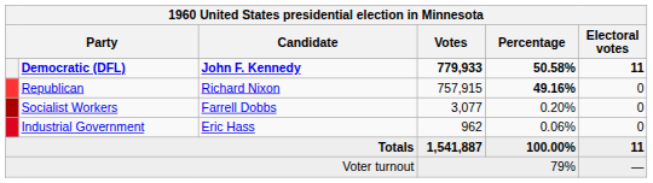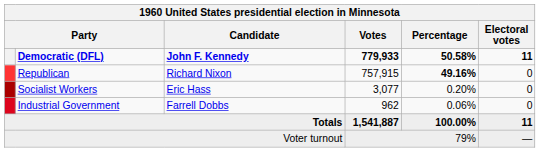 <table class="wikitable" style="font-size: 95%;">
 <tr>
 <th colspan="6">1960 United States presidential election in Minnesota</th>
 </tr>
 <tr>
 <th colspan="2" style="width: 15em">Party</th>
 <th style="width: 17em">Candidate</th>
 <th style="width: 5em">Votes</th>
 <th style="width: 7em">Percentage</th>
 <th style="width: 5em">Electoral votes</th>
 </tr>
 <tr>
 <th style="background-color:"></th>
 <td style="width: 130px"><strong><a href='#'>Democratic (DFL)</a></strong></td>
 <td><strong><a href='#'>John F. Kennedy</a></strong></td>
 <td align="right"><strong>779,933</strong></td>
 <td align="right"><strong>50.58%</strong></td>
 <td align="right"><strong>11</strong></td>
 </tr>
 <tr>
 <th style="background-color:#FF3333; width: 3px"></th>
 <td style="width: 130px"><a href='#'>Republican</a></td>
 <td><a href='#'>Richard Nixon</a></td>
 <td align="right">757,915</td>
 <td align="right"><strong>49.16%</strong></td>
 <td align="right">0</td>
 </tr>
 <tr>
 <th style="background-color:#aa0000; width: 3px"></th>
 <td style="width: 130px"><a href='#'>Socialist Workers</a></td>
-<td><a href='#'>Farrell Dobbs</a></td>
+<td><a href='#'>Eric Hass</a></td>
 <td align="right">3,077</td>
 <td align="right">0.20%</td>
 <td align="right">0</td>
 </tr>
 <tr>
 <th style="background-color:#DD051D; width: 3px"></th>
 <td style="width: 130px"><a href='#'>Industrial Government</a></td>
-<td><a href='#'>Eric Hass</a></td>
+<td><a href='#'>Farrell Dobbs</a></td>
 <td align="right">962</td>
 <td align="right">0.06%</td>
 <td align="right">0</td>
 </tr>
 <tr bgcolor="#EEEEEE">
 <td colspan="3" align="right"><strong>Totals</strong></td>
 <td align="right"><strong>1,541,887</strong></td>
 <td align="right"><strong>100.00%</strong></td>
 <td align="right"><strong>11</strong></td>
 </tr>
 <tr bgcolor="#EEEEEE">
 <td colspan="3" align="right">Voter turnout</td>
 <td colspan="2" align="right">79%</td>
 <td align="right">—</td>
 </tr>
 </table>
